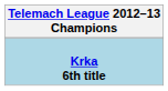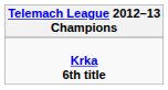 <table class="wikitable" style="text-align: center; margin: 0 auto;">
 <tr>
 <th><a href='#'>Telemach League</a> 2012–13<br>Champions</th>
 </tr>
 <tr>
 </tr>
 <tr>
-<td style="background: lightblue;"> <br><strong><a href='#'>Krka</a></strong><br><strong>6th title</strong></td>
+<td> <br><strong><a href='#'>Krka</a></strong><br><strong>6th title</strong></td>
 </tr>
 </table>
